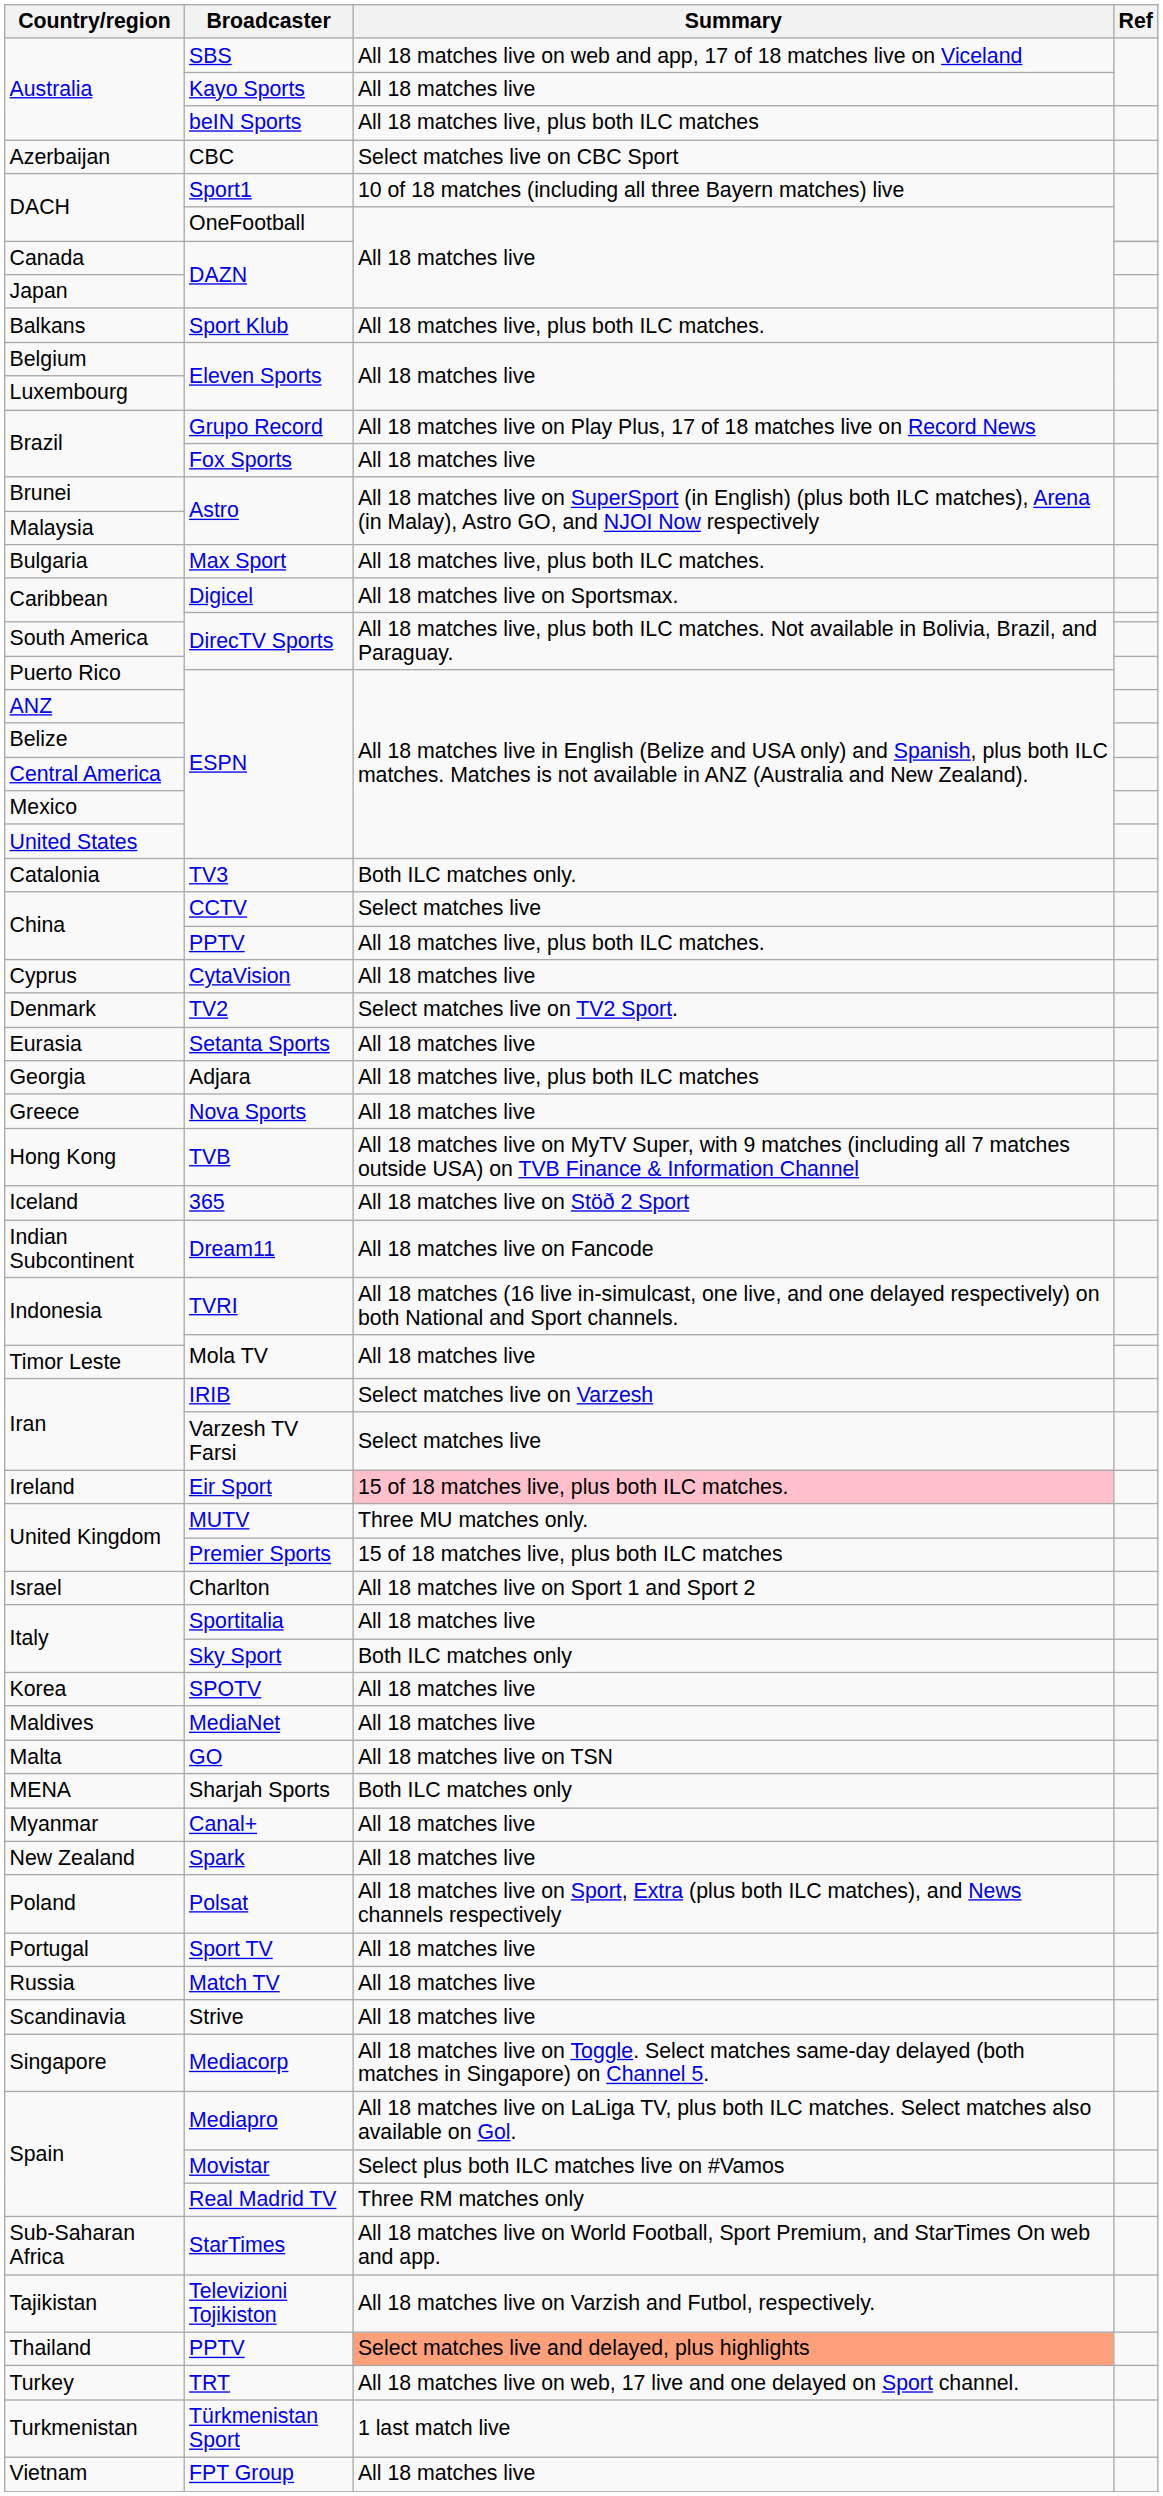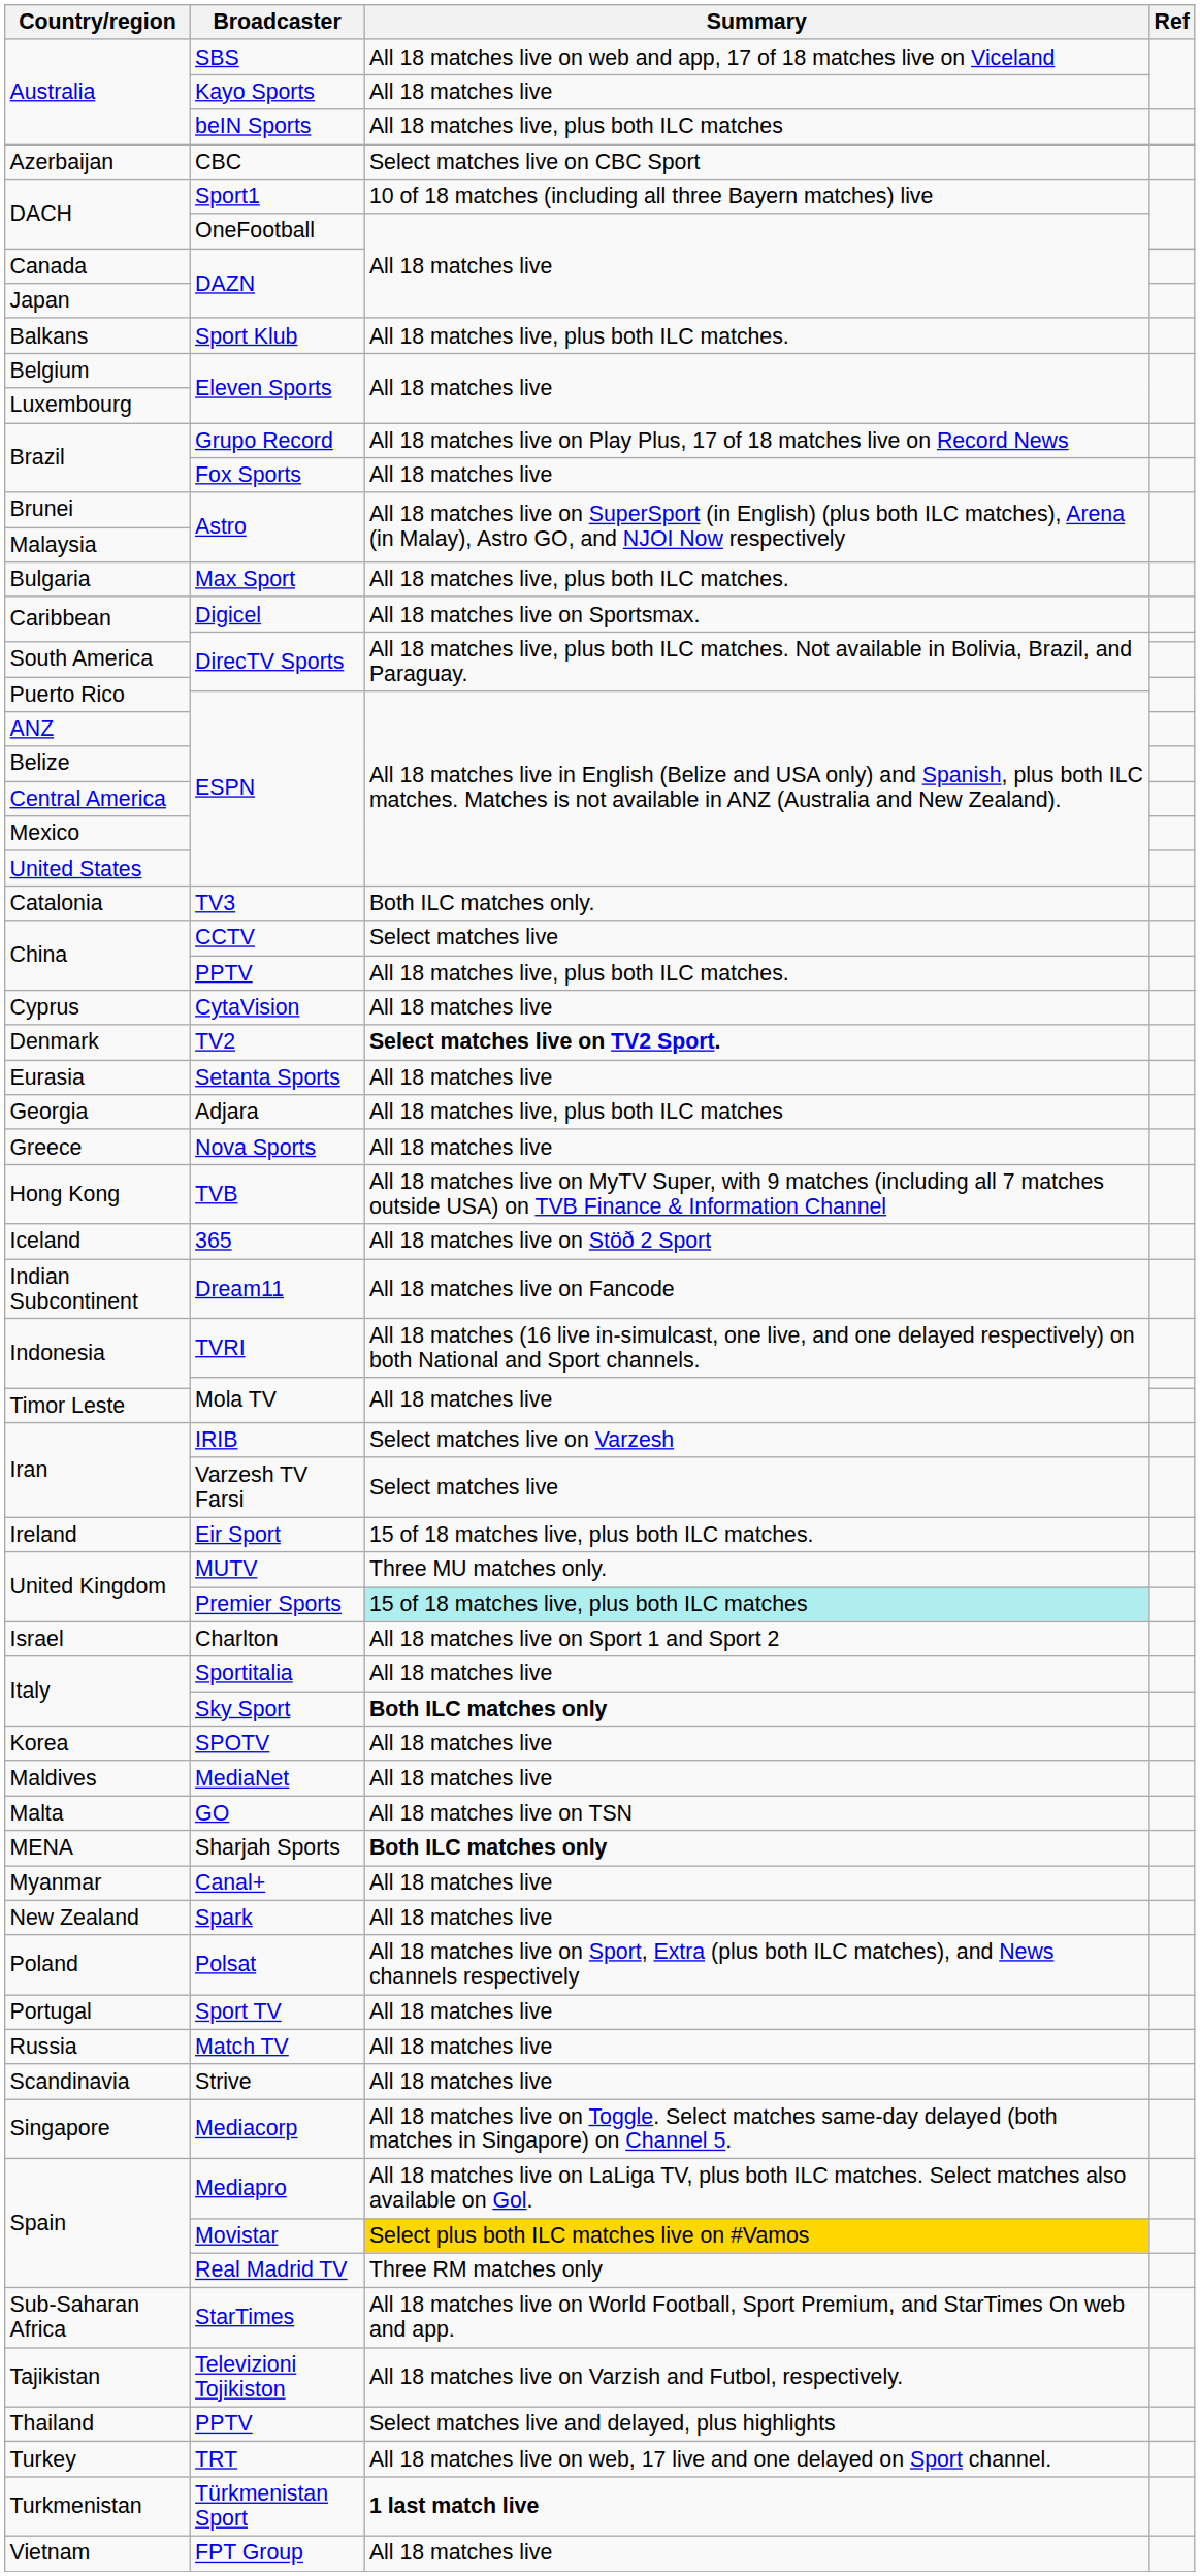 <table class="wikitable">
 <tr>
 <th>Country/region</th>
 <th>Broadcaster</th>
 <th>Summary</th>
 <th>Ref</th>
 </tr>
 <tr>
 <td rowspan="3"><a href='#'>Australia</a></td>
 <td><a href='#'>SBS</a></td>
 <td>All 18 matches live on web and app, 17 of 18 matches live on <a href='#'>Viceland</a></td>
 <td rowspan="2"></td>
 </tr>
 <tr>
 <td><a href='#'>Kayo Sports</a></td>
 <td>All 18 matches live</td>
 </tr>
 <tr>
 <td><a href='#'>beIN Sports</a></td>
 <td>All 18 matches live, plus both ILC matches</td>
 <td></td>
 </tr>
 <tr>
 <td>Azerbaijan</td>
 <td>CBC</td>
 <td>Select matches live on CBC Sport</td>
 <td></td>
 </tr>
 <tr>
 <td rowspan="3">DACH</td>
 <td><a href='#'>Sport1</a></td>
 <td>10 of 18 matches (including all three Bayern matches) live</td>
 <td rowspan="2"></td>
 </tr>
 <tr>
 <td>OneFootball</td>
 <td rowspan="4">All 18 matches live</td>
 </tr>
 <tr>
 <td rowspan="3"><a href='#'>DAZN</a></td>
 </tr>
 <tr>
 <td>Canada</td>
 <td></td>
 </tr>
 <tr>
 <td>Japan</td>
 <td></td>
 </tr>
 <tr>
 <td>Balkans</td>
 <td><a href='#'>Sport Klub</a></td>
 <td>All 18 matches live, plus both ILC matches.</td>
 <td></td>
 </tr>
 <tr>
 <td>Belgium</td>
 <td rowspan="2"><a href='#'>Eleven Sports</a></td>
 <td rowspan="2">All 18 matches live</td>
 <td rowspan="2"></td>
 </tr>
 <tr>
 <td>Luxembourg</td>
 </tr>
 <tr>
 <td rowspan="2">Brazil</td>
 <td><a href='#'>Grupo Record</a></td>
 <td>All 18 matches live on Play Plus, 17 of 18 matches live on <a href='#'>Record News</a></td>
 <td></td>
 </tr>
 <tr>
 <td><a href='#'>Fox Sports</a></td>
 <td>All 18 matches live</td>
 <td></td>
 </tr>
 <tr>
 <td>Brunei</td>
 <td rowspan="2"><a href='#'>Astro</a></td>
 <td rowspan="2">All 18 matches live on <a href='#'>SuperSport</a> (in English) (plus both ILC matches), <a href='#'>Arena</a> (in Malay), Astro GO, and <a href='#'>NJOI Now</a> respectively</td>
 <td rowspan="2"></td>
 </tr>
 <tr>
 <td>Malaysia</td>
 </tr>
 <tr>
 <td>Bulgaria</td>
 <td><a href='#'>Max Sport</a></td>
 <td>All 18 matches live, plus both ILC matches.</td>
 <td></td>
 </tr>
 <tr>
 <td rowspan="2">Caribbean</td>
 <td><a href='#'>Digicel</a></td>
 <td>All 18 matches live on Sportsmax.</td>
 <td></td>
 </tr>
 <tr>
 <td rowspan="3"><a href='#'>DirecTV Sports</a></td>
 <td rowspan="3">All 18 matches live, plus both ILC matches. Not available in Bolivia, Brazil, and Paraguay.</td>
 <td></td>
 </tr>
 <tr>
 <td>South America</td>
 <td></td>
 </tr>
 <tr>
 <td rowspan="2">Puerto Rico</td>
 <td rowspan="2"></td>
 </tr>
 <tr>
 <td rowspan="6"><a href='#'>ESPN</a></td>
 <td rowspan="6">All 18 matches live in English (Belize and USA only) and <a href='#'>Spanish</a>, plus both ILC matches. Matches is not available in ANZ (Australia and New Zealand).</td>
 </tr>
 <tr>
 <td><a href='#'>ANZ</a></td>
 <td></td>
 </tr>
 <tr>
 <td>Belize</td>
 <td></td>
 </tr>
 <tr>
 <td><a href='#'>Central America</a></td>
 <td></td>
 </tr>
 <tr>
 <td>Mexico</td>
 <td></td>
 </tr>
 <tr>
 <td><a href='#'>United States</a></td>
 <td></td>
 </tr>
 <tr>
 <td>Catalonia</td>
 <td><a href='#'>TV3</a></td>
 <td>Both ILC matches only.</td>
 <td></td>
 </tr>
 <tr>
 <td rowspan="2">China</td>
 <td><a href='#'>CCTV</a></td>
 <td>Select matches live</td>
 <td></td>
 </tr>
 <tr>
 <td><a href='#'>PPTV</a></td>
 <td>All 18 matches live, plus both ILC matches.</td>
 <td></td>
 </tr>
 <tr>
 <td>Cyprus</td>
 <td><a href='#'>CytaVision</a></td>
 <td>All 18 matches live</td>
 <td></td>
 </tr>
 <tr>
 <td>Denmark</td>
 <td><a href='#'>TV2</a></td>
-<td>Select matches live on <a href='#'>TV2 Sport</a>.</td>
+<td><strong>Select matches live on <a href='#'>TV2 Sport</a>.</strong></td>
 <td></td>
 </tr>
 <tr>
 <td>Eurasia</td>
 <td><a href='#'>Setanta Sports</a></td>
 <td>All 18 matches live</td>
 <td></td>
 </tr>
 <tr>
 <td>Georgia</td>
 <td>Adjara</td>
 <td>All 18 matches live, plus both ILC matches</td>
 <td></td>
 </tr>
 <tr>
 <td>Greece</td>
 <td><a href='#'>Nova Sports</a></td>
 <td>All 18 matches live</td>
 <td></td>
 </tr>
 <tr>
 <td>Hong Kong</td>
 <td><a href='#'>TVB</a></td>
 <td>All 18 matches live on MyTV Super, with 9 matches (including all 7 matches outside USA) on <a href='#'>TVB Finance & Information Channel</a></td>
 <td></td>
 </tr>
 <tr>
 <td>Iceland</td>
 <td><a href='#'>365</a></td>
 <td>All 18 matches live on <a href='#'>Stöð 2 Sport</a></td>
 <td></td>
 </tr>
 <tr>
 <td>Indian Subcontinent</td>
 <td><a href='#'>Dream11</a></td>
 <td>All 18 matches live on Fancode</td>
 <td></td>
 </tr>
 <tr>
 <td rowspan="2">Indonesia</td>
 <td><a href='#'>TVRI</a></td>
 <td>All 18 matches (16 live in-simulcast, one live, and one delayed respectively) on both National and Sport channels.</td>
 <td></td>
 </tr>
 <tr>
 <td rowspan="2">Mola TV</td>
 <td rowspan="2">All 18 matches live</td>
 <td></td>
 </tr>
 <tr>
 <td>Timor Leste</td>
 <td></td>
 </tr>
 <tr>
 <td rowspan="2">Iran</td>
 <td><a href='#'>IRIB</a></td>
 <td>Select matches live on <a href='#'>Varzesh</a></td>
 <td></td>
 </tr>
 <tr>
 <td>Varzesh TV Farsi</td>
 <td>Select matches live</td>
 <td></td>
 </tr>
 <tr>
 <td rowspan="2">Ireland</td>
 <td><a href='#'>Eir Sport</a></td>
-<td style="background: pink;">15 of 18 matches live, plus both ILC matches.</td>
+<td>15 of 18 matches live, plus both ILC matches.</td>
 <td></td>
 </tr>
 <tr>
 <td rowspan="2"><a href='#'>MUTV</a></td>
 <td rowspan="2">Three MU matches only.</td>
 <td rowspan="2"></td>
 </tr>
 <tr>
 <td rowspan="2">United Kingdom</td>
 </tr>
 <tr>
 <td><a href='#'>Premier Sports</a></td>
-<td>15 of 18 matches live, plus both ILC matches</td>
+<td style="background: paleturquoise;">15 of 18 matches live, plus both ILC matches</td>
 <td></td>
 </tr>
 <tr>
 <td>Israel</td>
 <td>Charlton</td>
 <td>All 18 matches live on Sport 1 and Sport 2</td>
 <td></td>
 </tr>
 <tr>
 <td rowspan="2">Italy</td>
 <td><a href='#'>Sportitalia</a></td>
 <td>All 18 matches live</td>
 <td></td>
 </tr>
 <tr>
 <td><a href='#'>Sky Sport</a></td>
-<td>Both ILC matches only</td>
+<td><strong>Both ILC matches only</strong></td>
 <td></td>
 </tr>
 <tr>
 <td>Korea</td>
 <td><a href='#'>SPOTV</a></td>
 <td>All 18 matches live</td>
 <td></td>
 </tr>
 <tr>
 <td>Maldives</td>
 <td><a href='#'>MediaNet</a></td>
 <td>All 18 matches live</td>
 <td></td>
 </tr>
 <tr>
 <td>Malta</td>
 <td><a href='#'>GO</a></td>
 <td>All 18 matches live on TSN</td>
 <td></td>
 </tr>
 <tr>
 <td>MENA</td>
 <td>Sharjah Sports</td>
-<td>Both ILC matches only</td>
+<td><strong>Both ILC matches only</strong></td>
 <td></td>
 </tr>
 <tr>
 <td>Myanmar</td>
 <td><a href='#'>Canal+</a></td>
 <td>All 18 matches live</td>
 <td></td>
 </tr>
 <tr>
 <td>New Zealand</td>
 <td><a href='#'>Spark</a></td>
 <td>All 18 matches live</td>
 <td></td>
 </tr>
 <tr>
 <td>Poland</td>
 <td><a href='#'>Polsat</a></td>
 <td>All 18 matches live on <a href='#'>Sport</a>, <a href='#'>Extra</a> (plus both ILC matches), and <a href='#'>News</a> channels respectively</td>
 <td></td>
 </tr>
 <tr>
 <td>Portugal</td>
 <td><a href='#'>Sport TV</a></td>
 <td>All 18 matches live</td>
 <td></td>
 </tr>
 <tr>
 <td>Russia</td>
 <td><a href='#'>Match TV</a></td>
 <td>All 18 matches live</td>
 <td></td>
 </tr>
 <tr>
 <td>Scandinavia</td>
 <td>Strive</td>
 <td>All 18 matches live</td>
 <td></td>
 </tr>
 <tr>
 <td>Singapore</td>
 <td><a href='#'>Mediacorp</a></td>
 <td>All 18 matches live on <a href='#'>Toggle</a>. Select matches same-day delayed (both matches in Singapore) on <a href='#'>Channel 5</a>.</td>
 <td></td>
 </tr>
 <tr>
 <td rowspan="3">Spain</td>
 <td><a href='#'>Mediapro</a></td>
 <td>All 18 matches live on LaLiga TV, plus both ILC matches. Select matches also available on <a href='#'>Gol</a>.</td>
 <td></td>
 </tr>
 <tr>
 <td><a href='#'>Movistar</a></td>
-<td>Select plus both ILC matches live on #Vamos</td>
+<td style="background: gold;">Select plus both ILC matches live on #Vamos</td>
 <td></td>
 </tr>
 <tr>
 <td><a href='#'>Real Madrid TV</a></td>
 <td>Three RM matches only</td>
 <td></td>
 </tr>
 <tr>
 <td>Sub-Saharan Africa</td>
 <td><a href='#'>StarTimes</a></td>
 <td>All 18 matches live on World Football, Sport Premium, and StarTimes On web and app.</td>
 <td></td>
 </tr>
 <tr>
 <td>Tajikistan</td>
 <td><a href='#'>Televizioni Tojikiston</a></td>
 <td>All 18 matches live on Varzish and Futbol, respectively.</td>
 <td></td>
 </tr>
 <tr>
 <td>Thailand</td>
 <td><a href='#'>PPTV</a></td>
-<td style="background: lightsalmon;">Select matches live and delayed, plus highlights</td>
+<td>Select matches live and delayed, plus highlights</td>
 <td></td>
 </tr>
 <tr>
 <td>Turkey</td>
 <td><a href='#'>TRT</a></td>
 <td>All 18 matches live on web, 17 live and one delayed on <a href='#'>Sport</a> channel.</td>
 <td></td>
 </tr>
 <tr>
 <td>Turkmenistan</td>
 <td><a href='#'>Türkmenistan Sport</a></td>
-<td>1 last match live</td>
+<td><strong>1 last match live</strong></td>
 <td></td>
 </tr>
 <tr>
 <td>Vietnam</td>
 <td><a href='#'>FPT Group</a></td>
 <td>All 18 matches live</td>
 <td></td>
 </tr>
 </table>
